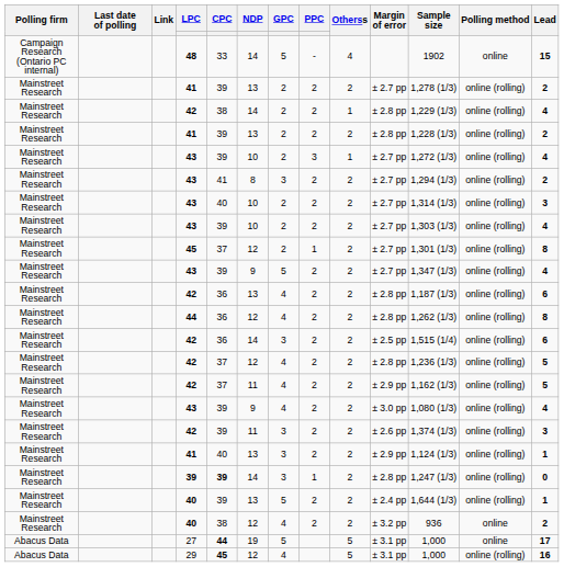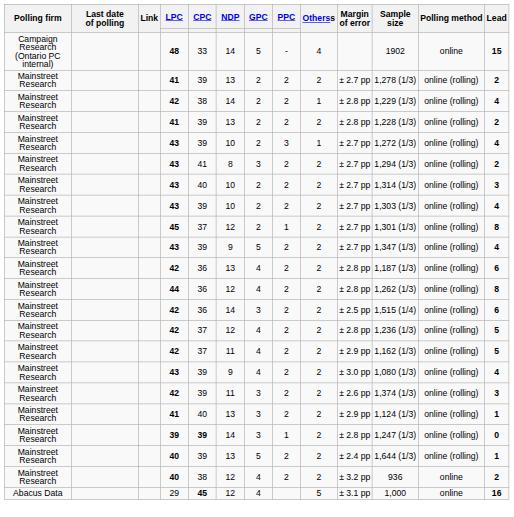 <table class="wikitable sortable mw-datatable" style="text-align:center;font-size:90%;line-height:14px;">
 <tr style="height:40px;">
 <th style="width:105px;" rowspan="2">Polling firm</th>
 <th style="width:105px;" rowspan="2">Last date<br>of polling</th>
 <th rowspan="2">Link</th>
 <th style="width:40px;"><a href='#'>LPC</a></th>
 <th style="width:40px;"><a href='#'>CPC</a></th>
 <th style="width:40px;"><a href='#'>NDP</a></th>
 <th style="width:40px;"><a href='#'>GPC</a></th>
 <th style="width:40px;"><a href='#'>PPC</a></th>
 <th rowspan="2" style="width:40px"><a href='#'>Others</a>s</th>
 <th rowspan="2">Margin<br>of error</th>
 <th rowspan="2">Sample<br>size</th>
 <th rowspan="2">Polling method</th>
 <th rowspan="2">Lead</th>
 </tr>
 <tr class="sorttop">
 <th style="background:"></th>
 <th style="background:"></th>
 <th style="background:"></th>
 <th style="background:"></th>
 <th style="background:"></th>
 </tr>
 <tr>
 <td>Campaign Research (Ontario PC internal)</td>
 <td></td>
 <td></td>
 <td><strong>48</strong></td>
 <td>33</td>
 <td>14</td>
 <td>5</td>
 <td>-</td>
 <td>4</td>
 <td></td>
 <td>1902</td>
 <td>online</td>
 <td><strong>15</strong></td>
 </tr>
 <tr>
 <td>Mainstreet Research</td>
 <td></td>
 <td></td>
 <td><strong>41</strong></td>
 <td>39</td>
 <td>13</td>
 <td>2</td>
 <td>2</td>
 <td>2</td>
 <td>± 2.7 pp</td>
 <td>1,278 (1/3)</td>
 <td>online (rolling)</td>
 <td><strong>2</strong></td>
 </tr>
 <tr>
 <td>Mainstreet Research</td>
 <td></td>
 <td></td>
 <td><strong>42</strong></td>
 <td>38</td>
 <td>14</td>
 <td>2</td>
 <td>2</td>
 <td>1</td>
 <td>± 2.8 pp</td>
 <td>1,229 (1/3)</td>
 <td>online (rolling)</td>
 <td><strong>4</strong></td>
 </tr>
 <tr>
 <td>Mainstreet Research</td>
 <td></td>
 <td></td>
 <td><strong>41</strong></td>
 <td>39</td>
 <td>13</td>
 <td>2</td>
 <td>2</td>
 <td>2</td>
 <td>± 2.8 pp</td>
 <td>1,228 (1/3)</td>
 <td>online (rolling)</td>
 <td><strong>2</strong></td>
 </tr>
 <tr>
 <td>Mainstreet Research</td>
 <td></td>
 <td></td>
 <td><strong>43</strong></td>
 <td>39</td>
 <td>10</td>
 <td>2</td>
 <td>3</td>
 <td>1</td>
 <td>± 2.7 pp</td>
 <td>1,272 (1/3)</td>
 <td>online (rolling)</td>
 <td><strong>4</strong></td>
 </tr>
 <tr>
 <td>Mainstreet Research</td>
 <td></td>
 <td></td>
 <td><strong>43</strong></td>
 <td>41</td>
 <td>8</td>
 <td>3</td>
 <td>2</td>
 <td>2</td>
 <td>± 2.7 pp</td>
 <td>1,294 (1/3)</td>
 <td>online (rolling)</td>
 <td><strong>2</strong></td>
 </tr>
 <tr>
 <td>Mainstreet Research</td>
 <td></td>
 <td></td>
 <td><strong>43</strong></td>
 <td>40</td>
 <td>10</td>
 <td>2</td>
 <td>2</td>
 <td>2</td>
 <td>± 2.7 pp</td>
 <td>1,314 (1/3)</td>
 <td>online (rolling)</td>
 <td><strong>3</strong></td>
 </tr>
 <tr>
 <td>Mainstreet Research</td>
 <td></td>
 <td></td>
 <td><strong>43</strong></td>
 <td>39</td>
 <td>10</td>
 <td>2</td>
 <td>2</td>
 <td>2</td>
 <td>± 2.7 pp</td>
 <td>1,303 (1/3)</td>
 <td>online (rolling)</td>
 <td><strong>4</strong></td>
 </tr>
 <tr>
 <td>Mainstreet Research</td>
 <td></td>
 <td></td>
 <td><strong>45</strong></td>
 <td>37</td>
 <td>12</td>
 <td>2</td>
 <td>1</td>
 <td>2</td>
 <td>± 2.7 pp</td>
 <td>1,301 (1/3)</td>
 <td>online (rolling)</td>
 <td><strong>8</strong></td>
 </tr>
 <tr>
 <td>Mainstreet Research</td>
 <td></td>
 <td></td>
 <td><strong>43</strong></td>
 <td>39</td>
 <td>9</td>
 <td>5</td>
 <td>2</td>
 <td>2</td>
 <td>± 2.7 pp</td>
 <td>1,347 (1/3)</td>
 <td>online (rolling)</td>
 <td><strong>4</strong></td>
 </tr>
 <tr>
 <td>Mainstreet Research</td>
 <td></td>
 <td></td>
 <td><strong>42</strong></td>
 <td>36</td>
 <td>13</td>
 <td>4</td>
 <td>2</td>
 <td>2</td>
 <td>± 2.8 pp</td>
 <td>1,187 (1/3)</td>
 <td>online (rolling)</td>
 <td><strong>6</strong></td>
 </tr>
 <tr>
 <td>Mainstreet Research</td>
 <td></td>
 <td></td>
 <td><strong>44</strong></td>
 <td>36</td>
 <td>12</td>
 <td>4</td>
 <td>2</td>
 <td>2</td>
 <td>± 2.8 pp</td>
 <td>1,262 (1/3)</td>
 <td>online (rolling)</td>
 <td><strong>8</strong></td>
 </tr>
 <tr>
 <td>Mainstreet Research</td>
 <td></td>
 <td></td>
 <td><strong>42</strong></td>
 <td>36</td>
 <td>14</td>
 <td>3</td>
 <td>2</td>
 <td>2</td>
 <td>± 2.5 pp</td>
 <td>1,515 (1/4)</td>
 <td>online (rolling)</td>
 <td><strong>6</strong></td>
 </tr>
 <tr>
 <td>Mainstreet Research</td>
 <td></td>
 <td></td>
 <td><strong>42</strong></td>
 <td>37</td>
 <td>12</td>
 <td>4</td>
 <td>2</td>
 <td>2</td>
 <td>± 2.8 pp</td>
 <td>1,236 (1/3)</td>
 <td>online (rolling)</td>
 <td><strong>5</strong></td>
 </tr>
 <tr>
 <td>Mainstreet Research</td>
 <td></td>
 <td></td>
 <td><strong>42</strong></td>
 <td>37</td>
 <td>11</td>
 <td>4</td>
 <td>2</td>
 <td>2</td>
 <td>± 2.9 pp</td>
 <td>1,162 (1/3)</td>
 <td>online (rolling)</td>
 <td><strong>5</strong></td>
 </tr>
 <tr>
 <td>Mainstreet Research</td>
 <td></td>
 <td></td>
 <td><strong>43</strong></td>
 <td>39</td>
 <td>9</td>
 <td>4</td>
 <td>2</td>
 <td>2</td>
 <td>± 3.0 pp</td>
 <td>1,080 (1/3)</td>
 <td>online (rolling)</td>
 <td><strong>4</strong></td>
 </tr>
 <tr>
 <td>Mainstreet Research</td>
 <td></td>
 <td></td>
 <td><strong>42</strong></td>
 <td>39</td>
 <td>11</td>
 <td>3</td>
 <td>2</td>
 <td>2</td>
 <td>± 2.6 pp</td>
 <td>1,374 (1/3)</td>
 <td>online (rolling)</td>
 <td><strong>3</strong></td>
 </tr>
 <tr>
 <td>Mainstreet Research</td>
 <td></td>
 <td></td>
 <td><strong>41</strong></td>
 <td>40</td>
 <td>13</td>
 <td>3</td>
 <td>2</td>
 <td>2</td>
 <td>± 2.9 pp</td>
 <td>1,124 (1/3)</td>
 <td>online (rolling)</td>
 <td><strong>1</strong></td>
 </tr>
 <tr>
 <td>Mainstreet Research</td>
 <td></td>
 <td></td>
 <td><strong>39</strong></td>
 <td><strong>39</strong></td>
 <td>14</td>
 <td>3</td>
 <td>1</td>
 <td>2</td>
 <td>± 2.8 pp</td>
 <td>1,247 (1/3)</td>
 <td>online (rolling)</td>
 <td><strong>0</strong></td>
 </tr>
 <tr>
 <td>Mainstreet Research</td>
 <td></td>
 <td></td>
 <td><strong>40</strong></td>
 <td>39</td>
 <td>13</td>
 <td>5</td>
 <td>2</td>
 <td>2</td>
 <td>± 2.4 pp</td>
 <td>1,644 (1/3)</td>
 <td>online (rolling)</td>
 <td><strong>1</strong></td>
 </tr>
 <tr>
 <td>Mainstreet Research</td>
 <td></td>
 <td></td>
 <td><strong>40</strong></td>
 <td>38</td>
 <td>12</td>
 <td>4</td>
 <td>2</td>
 <td>2</td>
 <td>± 3.2 pp</td>
 <td>936</td>
 <td>online</td>
 <td><strong>2</strong></td>
 </tr>
 <tr>
 <td>Abacus Data</td>
 <td></td>
 <td></td>
-<td>27</td>
-<td><strong>44</strong></td>
-<td>19</td>
-<td>5</td>
-<td></td>
-<td>5</td>
-<td>± 3.1 pp</td>
-<td>1,000</td>
-<td>online</td>
-<td><strong>17</strong></td>
-</tr>
-<tr>
-<td>Abacus Data</td>
-<td></td>
-<td></td>
 <td>29</td>
 <td><strong>45</strong></td>
 <td>12</td>
 <td>4</td>
 <td></td>
 <td>5</td>
 <td>± 3.1 pp</td>
 <td>1,000</td>
-<td>online (rolling)</td>
+<td>online</td>
 <td><strong>16</strong></td>
 </tr>
 </table>
